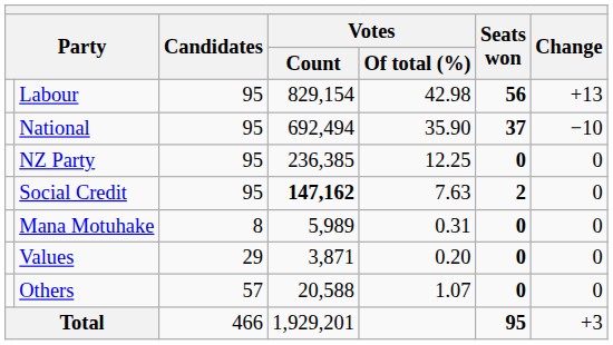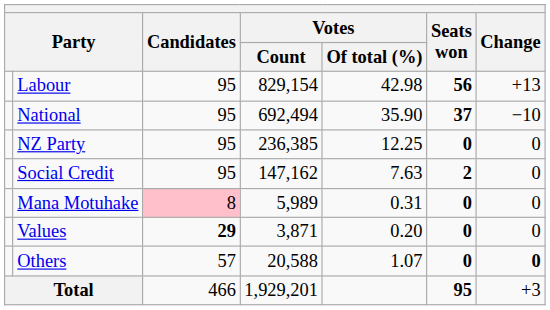 <table class=wikitable style="text-align:right">
 <tr>
 <th colspan=7></th>
 </tr>
 <tr>
 <th rowspan=2 colspan=2>Party</th>
 <th rowspan=2>Candidates</th>
 <th colspan=2>Votes</th>
 <th rowspan=2>Seats <br>won</th>
 <th rowspan=2>Change</th>
 </tr>
 <tr>
 <th>Count</th>
 <th>Of total (%)</th>
 </tr>
 <tr>
 <td></td>
 <td align=left><a href='#'>Labour</a></td>
 <td>95</td>
 <td>829,154</td>
 <td>42.98</td>
 <td><strong>56</strong></td>
 <td>+13</td>
 </tr>
 <tr>
 <td></td>
 <td align=left><a href='#'>National</a></td>
 <td>95</td>
 <td>692,494</td>
 <td>35.90</td>
 <td><strong>37</strong></td>
 <td>−10</td>
 </tr>
 <tr>
 <td></td>
 <td align=left><a href='#'>NZ Party</a></td>
 <td>95</td>
 <td>236,385</td>
 <td>12.25</td>
 <td><strong>0</strong></td>
 <td>0</td>
 </tr>
 <tr>
 <td></td>
 <td align=left><a href='#'>Social Credit</a></td>
 <td>95</td>
-<td><strong>147,162</strong></td>
+<td>147,162</td>
 <td>7.63</td>
 <td><strong>2</strong></td>
 <td>0</td>
 </tr>
 <tr>
 <td></td>
 <td align=left><a href='#'>Mana Motuhake</a></td>
-<td>8</td>
+<td style="background: pink;">8</td>
 <td>5,989</td>
 <td>0.31</td>
 <td><strong>0</strong></td>
 <td>0</td>
 </tr>
 <tr>
 <td></td>
 <td align=left><a href='#'>Values</a></td>
-<td>29</td>
+<td><strong>29</strong></td>
 <td>3,871</td>
 <td>0.20</td>
 <td><strong>0</strong></td>
 <td>0</td>
 </tr>
 <tr>
 <td></td>
 <td align=left><a href='#'>Others</a></td>
 <td>57</td>
 <td>20,588</td>
 <td>1.07</td>
 <td><strong>0</strong></td>
-<td>0</td>
+<td><strong>0</strong></td>
 </tr>
 <tr>
 <th align=left colspan=2>Total</th>
 <td>466</td>
 <td>1,929,201</td>
 <td></td>
 <td><strong>95</strong></td>
 <td>+3</td>
 </tr>
 </table>
